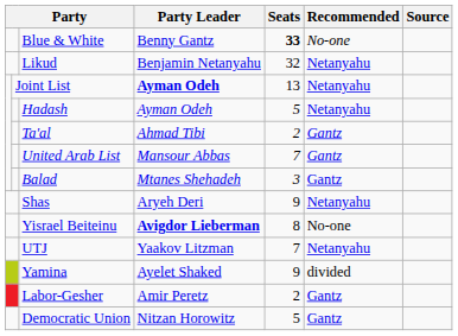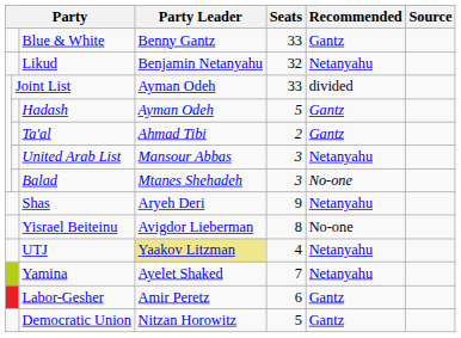 <table class="wikitable sortable">
 <tr>
 <th colspan=3 class="unsortable">Party</th>
 <th class="unsortable">Party Leader</th>
 <th class="unsortable">Seats</th>
 <th>Recommended</th>
 <th class="unsortable">Source</th>
 </tr>
 <tr>
 <td colspan=2 style="background:"></td>
 <td><a href='#'>Blue & White</a></td>
 <td><a href='#'>Benny Gantz</a></td>
-<td align=right><strong>33</strong></td>
-<td><em>No-one</em></td>
+<td align=right>33</td>
+<td><a href='#'>Gantz</a></td>
 <td></td>
 </tr>
 <tr>
 <td colspan=2 style="background:"></td>
 <td><a href='#'>Likud</a></td>
 <td><a href='#'>Benjamin Netanyahu</a></td>
 <td align=right>32</td>
 <td><a href='#'>Netanyahu</a></td>
 <td></td>
 </tr>
 <tr>
 <td rowspan=5 style="background:"></td>
 <td colspan=2><a href='#'>Joint List</a></td>
-<td><strong><a href='#'>Ayman Odeh</a></strong></td>
-<td align=right>13</td>
-<td><a href='#'>Netanyahu</a></td>
+<td><a href='#'>Ayman Odeh</a></td>
+<td align=right>33</td>
+<td>divided</td>
 <td></td>
 </tr>
 <tr>
 <td style="color:inherit;background:"></td>
 <td><em><a href='#'>Hadash</a></em></td>
 <td><em><a href='#'>Ayman Odeh</a></em></td>
 <td align=right><em>5</em></td>
-<td><a href='#'>Netanyahu</a></td>
+<td><em><a href='#'>Gantz</a></em></td>
 <td></td>
 </tr>
 <tr>
 <td style="color:inherit;background:"></td>
 <td><em><a href='#'>Ta'al</a></em></td>
 <td><em><a href='#'>Ahmad Tibi</a></em></td>
 <td align=right><em>2</em></td>
 <td><em><a href='#'>Gantz</a></em></td>
 <td></td>
 </tr>
 <tr>
 <td style="color:inherit;background:"></td>
 <td><em><a href='#'>United Arab List</a></em></td>
 <td><em><a href='#'>Mansour Abbas</a></em></td>
-<td align=right><em>7</em></td>
-<td><em><a href='#'>Gantz</a></em></td>
+<td align=right><em>3</em></td>
+<td><a href='#'>Netanyahu</a></td>
 <td></td>
 </tr>
 <tr>
 <td style="background:"></td>
 <td><em><a href='#'>Balad</a></em></td>
 <td><em><a href='#'>Mtanes Shehadeh</a></em></td>
 <td align=right><em>3</em></td>
-<td><a href='#'>Gantz</a></td>
+<td><em>No-one</em></td>
 <td></td>
 </tr>
 <tr>
 <td colspan=2 style="background:"></td>
 <td><a href='#'>Shas</a></td>
 <td><a href='#'>Aryeh Deri</a></td>
 <td align=right>9</td>
 <td><a href='#'>Netanyahu</a></td>
 <td></td>
 </tr>
 <tr>
 <td colspan=2 style="background:"></td>
 <td><a href='#'>Yisrael Beiteinu</a></td>
-<td><strong><a href='#'>Avigdor Lieberman</a></strong></td>
+<td><a href='#'>Avigdor Lieberman</a></td>
 <td align=right>8</td>
 <td>No-one</td>
 <td></td>
 </tr>
 <tr>
 <td colspan=2 style="background:"></td>
 <td><a href='#'>UTJ</a></td>
-<td><a href='#'>Yaakov Litzman</a></td>
-<td align=right>7</td>
+<td style="background: khaki;"><a href='#'>Yaakov Litzman</a></td>
+<td align=right>4</td>
 <td><a href='#'>Netanyahu</a></td>
 <td></td>
 </tr>
 <tr>
 <td colspan=2 style="background:#B7CC15;"></td>
 <td><a href='#'>Yamina</a></td>
 <td><a href='#'>Ayelet Shaked</a></td>
-<td align=right>9</td>
-<td>divided</td>
+<td align=right>7</td>
+<td><a href='#'>Netanyahu</a></td>
 <td></td>
 </tr>
 <tr>
 <td colspan=2 style="background:#EE1C25;"></td>
 <td><a href='#'>Labor-Gesher</a></td>
 <td><a href='#'>Amir Peretz</a></td>
-<td align=right>2</td>
+<td align=right>6</td>
 <td><a href='#'>Gantz</a></td>
 <td></td>
 </tr>
 <tr>
 <td colspan=2 style="background:"></td>
 <td><a href='#'>Democratic Union</a></td>
 <td><a href='#'>Nitzan Horowitz</a></td>
 <td align=right>5</td>
 <td><a href='#'>Gantz</a></td>
 <td></td>
 </tr>
 </table>
